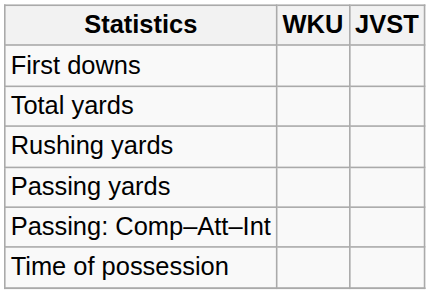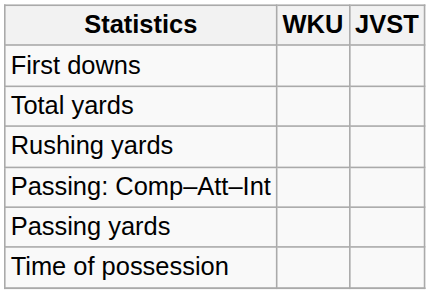 <table class="wikitable" style="float: left;">
 <tr>
 <th>Statistics</th>
 <th>WKU</th>
 <th>JVST</th>
 </tr>
 <tr>
 <td>First downs</td>
 <td></td>
 <td></td>
 </tr>
 <tr>
 <td>Total yards</td>
 <td></td>
 <td></td>
 </tr>
 <tr>
 <td>Rushing yards</td>
 <td></td>
 <td></td>
 </tr>
 <tr>
-<td>Passing yards</td>
+<td>Passing: Comp–Att–Int</td>
 <td></td>
 <td></td>
 </tr>
 <tr>
-<td>Passing: Comp–Att–Int</td>
+<td>Passing yards</td>
 <td></td>
 <td></td>
 </tr>
 <tr>
 <td>Time of possession</td>
 <td></td>
 <td></td>
 </tr>
 <tr>
 </tr>
 </table>
